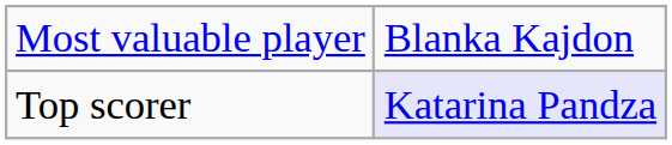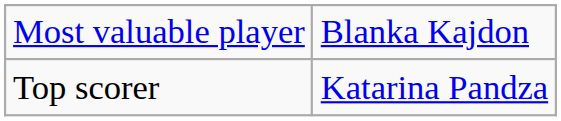 <table class="wikitable">
 <tr>
 <td><a href='#'>Most valuable player</a></td>
 <td> <a href='#'>Blanka Kajdon</a></td>
 </tr>
 <tr>
 <td>Top scorer</td>
-<td style="background: lavender;"> <a href='#'>Katarina Pandza</a></td>
+<td> <a href='#'>Katarina Pandza</a></td>
 </tr>
 </table>
